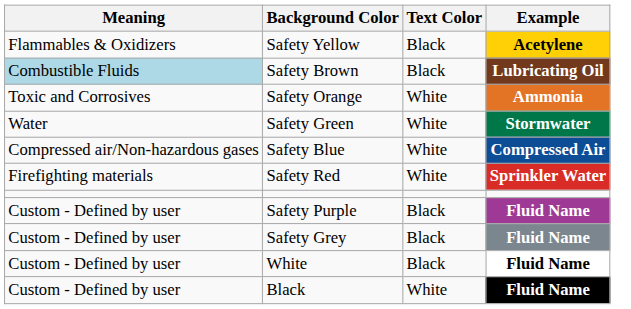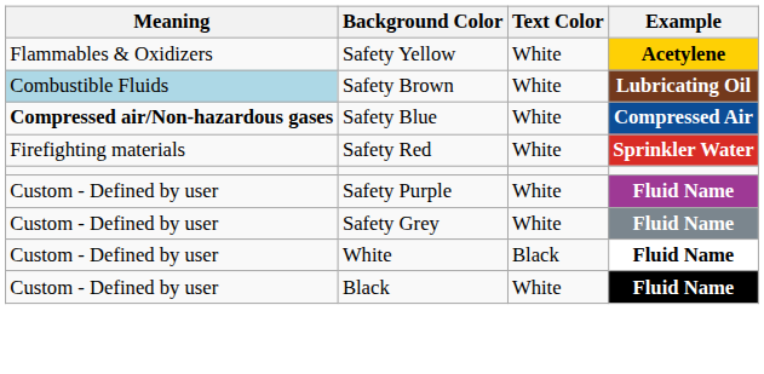 <table class="wikitable" style="display: inline-table;">
 <tr>
 <th>Meaning</th>
 <th>Background Color</th>
 <th>Text Color</th>
 <th>Example</th>
 </tr>
 <tr>
 <td>Flammables & Oxidizers</td>
 <td>Safety Yellow</td>
-<td>Black</td>
+<td>White</td>
 <td style="background:#FED005;color:black;text-align:center;"><strong>Acetylene</strong></td>
 </tr>
 <tr>
 <td style="background: lightblue;">Combustible Fluids</td>
 <td>Safety Brown</td>
-<td>Black</td>
+<td>White</td>
 <td style="background:#73391C;color:white;text-align:center;"><strong>Lubricating Oil</strong></td>
 </tr>
 <tr>
-<td>Toxic and Corrosives</td>
-<td>Safety Orange</td>
-<td>White</td>
-<td style="background:#E37325;color:white;text-align:center;"><strong>Ammonia</strong></td>
-</tr>
-<tr>
-<td>Water</td>
-<td>Safety Green</td>
-<td>White</td>
-<td style="background:#007749;color:white;text-align:center;"><strong>Stormwater</strong></td>
-</tr>
-<tr>
-<td>Compressed air/Non-hazardous gases</td>
+<td><strong>Compressed air/Non-hazardous gases</strong></td>
 <td>Safety Blue</td>
 <td>White</td>
 <td style="background:#0C4D96;color:white;text-align:center;"><strong>Compressed Air</strong></td>
 </tr>
 <tr>
 <td>Firefighting materials</td>
 <td>Safety Red</td>
 <td>White</td>
 <td style="background:#D92C26;color:white;text-align:center;"><strong>Sprinkler Water</strong></td>
 </tr>
 <tr>
 <td></td>
 <td></td>
 <td></td>
 <td></td>
 </tr>
 <tr>
 <td>Custom - Defined by user</td>
 <td>Safety Purple</td>
-<td>Black</td>
+<td>White</td>
 <td style="background:#9E3995;color:white;text-align:center;"><strong>Fluid Name</strong></td>
 </tr>
 <tr>
 <td>Custom - Defined by user</td>
 <td>Safety Grey</td>
-<td>Black</td>
+<td>White</td>
 <td style="background:#7B868E;color:white;text-align:center;"><strong>Fluid Name</strong></td>
 </tr>
 <tr>
 <td>Custom - Defined by user</td>
 <td>White</td>
 <td>Black</td>
 <td style="background:#FFFFFF;color:black;text-align:center;"><strong>Fluid Name</strong></td>
 </tr>
 <tr>
 <td>Custom - Defined by user</td>
 <td>Black</td>
 <td>White</td>
 <td style="background:#000000;color:white;text-align:center;"><strong>Fluid Name</strong></td>
 </tr>
 </table>
